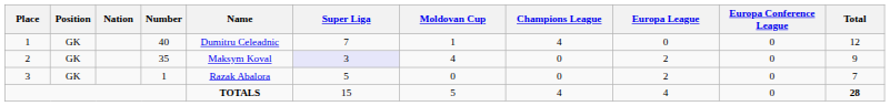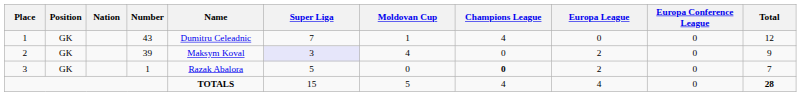 <table class="wikitable" style="font-size: 95%; text-align: center;">
 <tr>
 <th width=60>Place</th>
 <th width=60>Position</th>
 <th width=60>Nation</th>
 <th width=60>Number</th>
 <th width=150>Name</th>
 <th width=150><a href='#'>Super Liga</a></th>
 <th width=150><a href='#'>Moldovan Cup</a></th>
 <th width=150><a href='#'>Champions League</a></th>
 <th width=150><a href='#'>Europa League</a></th>
 <th width=150><a href='#'>Europa Conference League</a></th>
 <th width=80><strong>Total</strong></th>
 </tr>
 <tr>
 <td>1</td>
 <td>GK</td>
 <td></td>
-<td>40</td>
+<td>43</td>
 <td><a href='#'>Dumitru Celeadnic</a></td>
 <td>7</td>
 <td>1</td>
 <td>4</td>
 <td>0</td>
 <td>0</td>
 <td>12</td>
 </tr>
 <tr>
 <td>2</td>
 <td>GK</td>
 <td></td>
-<td>35</td>
+<td>39</td>
 <td><a href='#'>Maksym Koval</a></td>
 <td style="background: lavender;">3</td>
 <td>4</td>
 <td>0</td>
 <td>2</td>
 <td>0</td>
 <td>9</td>
 </tr>
 <tr>
 <td>3</td>
 <td>GK</td>
 <td></td>
 <td>1</td>
 <td><a href='#'>Razak Abalora</a></td>
 <td>5</td>
 <td>0</td>
-<td>0</td>
+<td><strong>0</strong></td>
 <td>2</td>
 <td>0</td>
 <td>7</td>
 </tr>
 <tr>
 <td colspan="4"></td>
 <td><strong>TOTALS</strong></td>
 <td>15</td>
 <td>5</td>
 <td>4</td>
 <td>4</td>
 <td>0</td>
 <td><strong>28</strong></td>
 </tr>
 </table>
